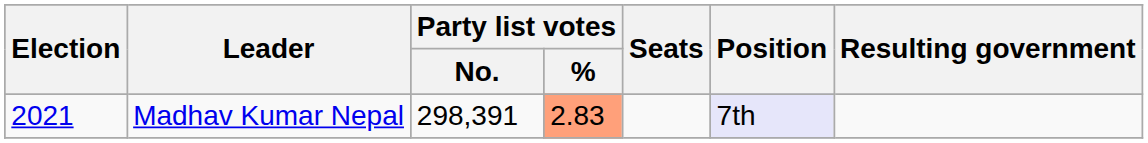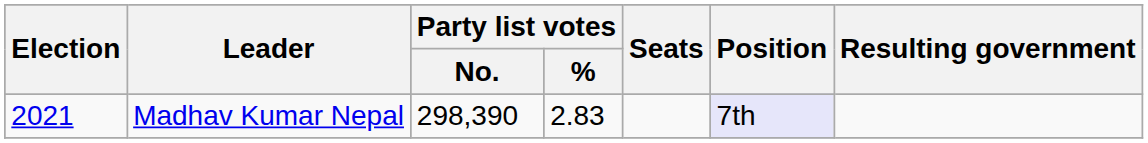 <table class="wikitable">
 <tr>
 <th rowspan="2" style="background-color:">Election</th>
 <th rowspan="2" style="background-color:">Leader</th>
 <th colspan="2" style="background-color:">Party list votes</th>
 <th rowspan="2" style="background-color:">Seats</th>
 <th rowspan="2" style="background-color:">Position</th>
 <th rowspan="2" style="background-color:">Resulting government</th>
 </tr>
 <tr>
 <th style="background-color:">No.</th>
 <th style="background-color:">%</th>
 </tr>
 <tr>
 <td><a href='#'>2021</a></td>
 <td><a href='#'>Madhav Kumar Nepal</a></td>
-<td>298,391</td>
-<td style="background: lightsalmon;">2.83</td>
+<td>298,390</td>
+<td>2.83</td>
 <td style="text-align:center;"></td>
 <td style="background: lavender;">7th</td>
 <td></td>
 </tr>
 </table>
